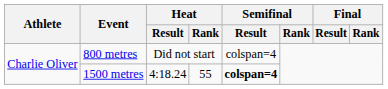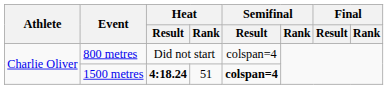 <table class=wikitable style=font-size:90%>
 <tr>
 <th rowspan=2>Athlete</th>
 <th rowspan=2>Event</th>
 <th colspan=2>Heat</th>
 <th colspan=2>Semifinal</th>
 <th colspan=2>Final</th>
 </tr>
 <tr style=font-size:95%>
 <th>Result</th>
 <th>Rank</th>
 <th>Result</th>
 <th>Rank</th>
 <th>Result</th>
 <th>Rank</th>
 </tr>
 <tr align=center>
 <td align=left rowspan=2><a href='#'>Charlie Oliver</a></td>
 <td align=left><a href='#'>800 metres</a></td>
 <td colspan=2>Did not start</td>
 <td>colspan=4 </td>
 </tr>
 <tr align=center>
 <td align=left><a href='#'>1500 metres</a></td>
-<td>4:18.24</td>
-<td>55</td>
+<td><strong>4:18.24</strong></td>
+<td>51</td>
 <td><strong>colspan=4 </strong></td>
 </tr>
 </table>
